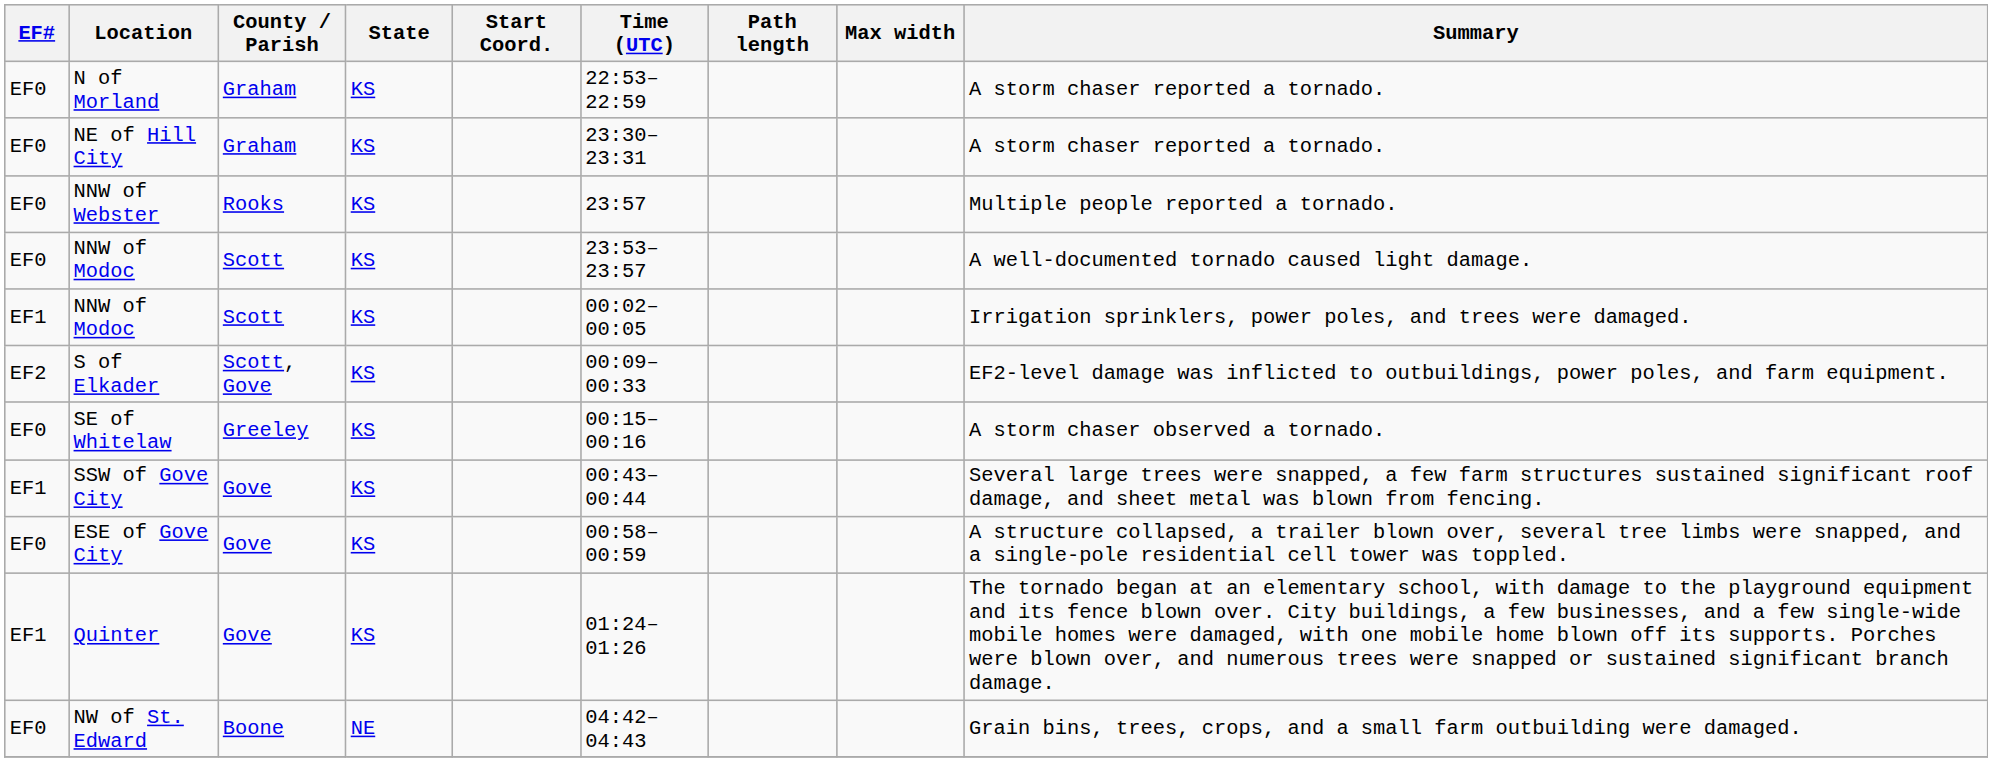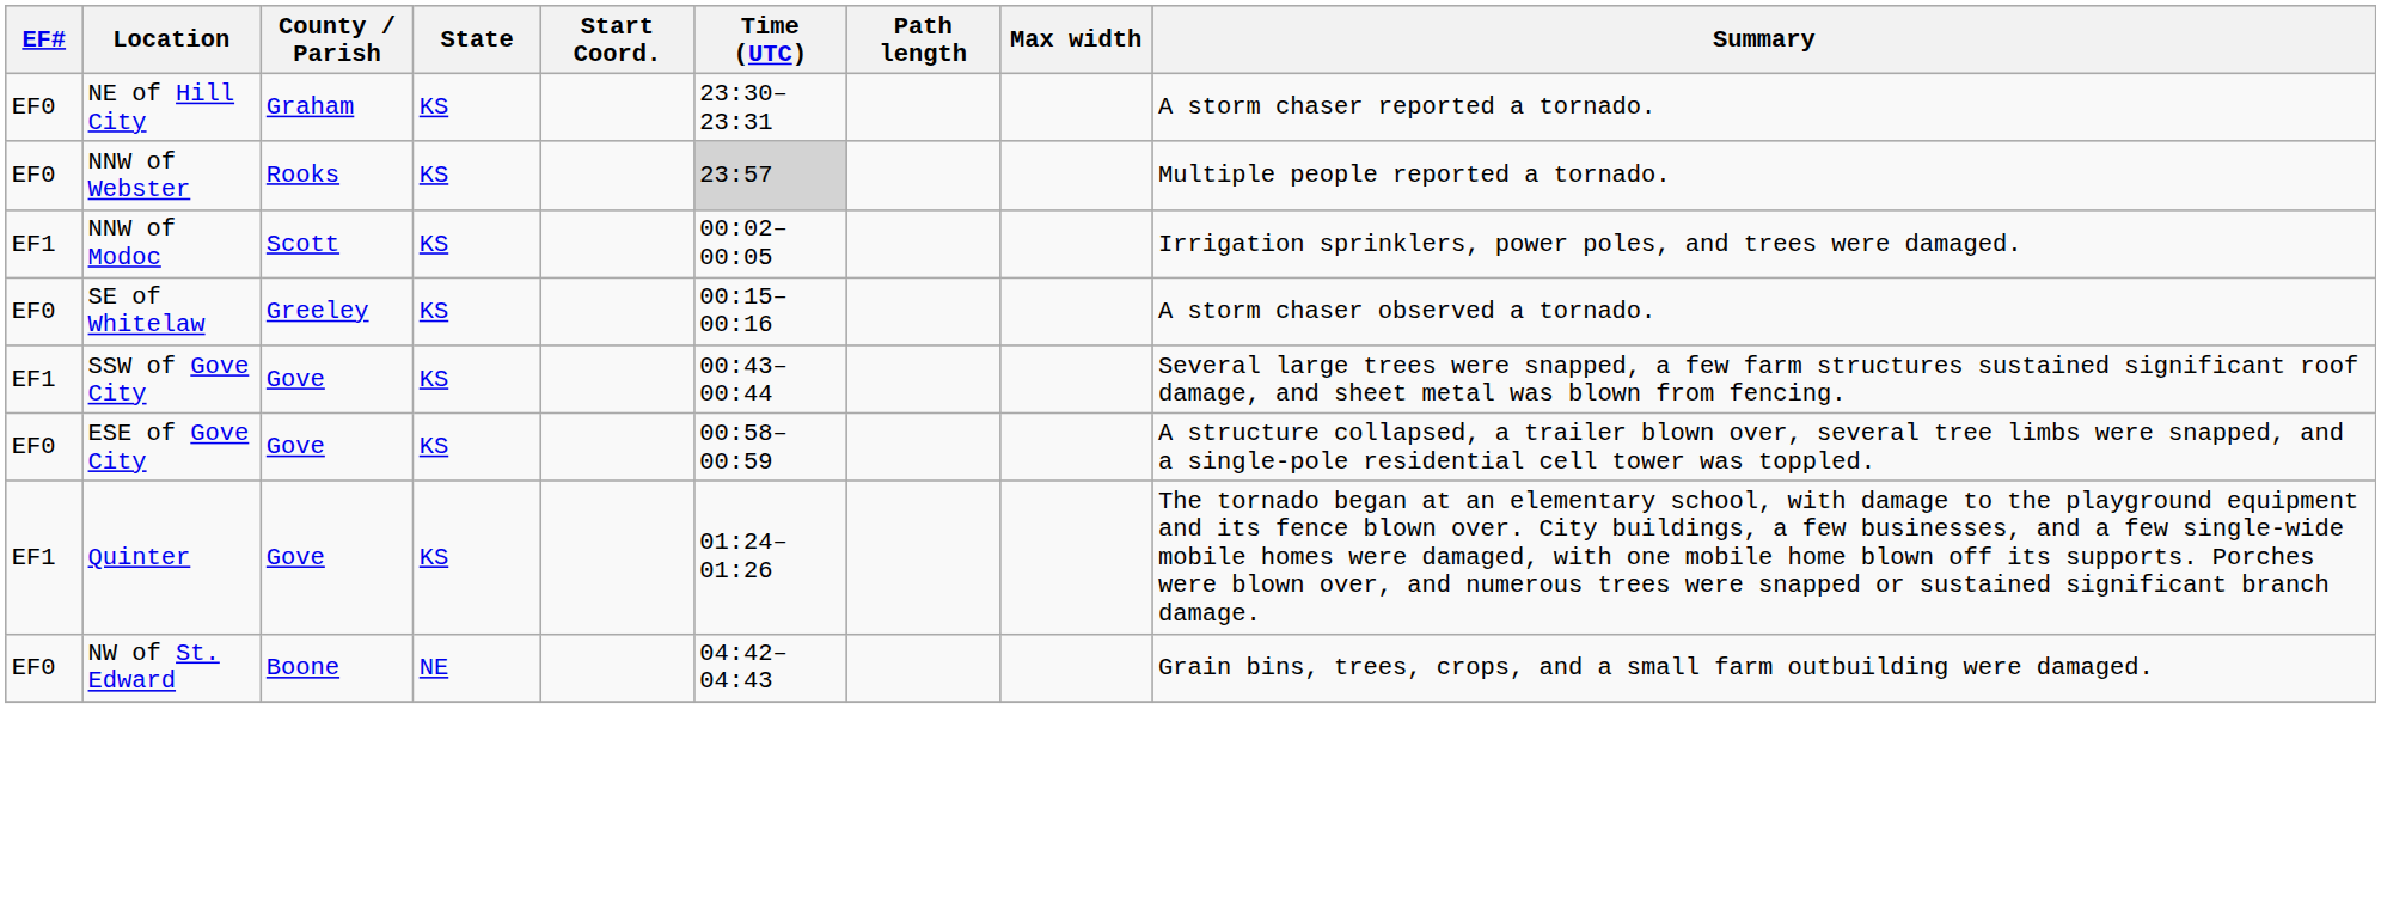 <table class="wikitable sortable" style="width:100%;">
 <tr>
 <th scope="col"  style="width:3%; text-align:center;"><a href='#'>EF#</a></th>
 <th scope="col"  style="width:7%; text-align:center;" class="unsortable">Location</th>
 <th scope="col"  style="width:6%; text-align:center;" class="unsortable">County / Parish</th>
 <th scope="col"  style="width:5%; text-align:center;">State</th>
 <th scope="col"  style="width:6%; text-align:center;">Start Coord.</th>
 <th scope="col"  style="width:6%; text-align:center;">Time (<a href='#'>UTC</a>)</th>
 <th scope="col"  style="width:6%; text-align:center;">Path length</th>
 <th scope="col"  style="width:6%; text-align:center;">Max width</th>
 <th scope="col" class="unsortable" style="width:48%; text-align:center;">Summary</th>
-</tr>
-<tr>
-<td>EF0</td>
-<td>N of <a href='#'>Morland</a></td>
-<td><a href='#'>Graham</a></td>
-<td><a href='#'>KS</a></td>
-<td></td>
-<td>22:53–22:59</td>
-<td></td>
-<td></td>
-<td>A storm chaser reported a tornado.</td>
 </tr>
 <tr>
 <td>EF0</td>
 <td>NE of <a href='#'>Hill City</a></td>
 <td><a href='#'>Graham</a></td>
 <td><a href='#'>KS</a></td>
 <td></td>
 <td>23:30–23:31</td>
 <td></td>
 <td></td>
 <td>A storm chaser reported a tornado.</td>
 </tr>
 <tr>
 <td>EF0</td>
 <td>NNW of <a href='#'>Webster</a></td>
 <td><a href='#'>Rooks</a></td>
 <td><a href='#'>KS</a></td>
 <td></td>
-<td>23:57</td>
+<td style="background: lightgrey;">23:57</td>
 <td></td>
 <td></td>
 <td>Multiple people reported a tornado.</td>
-</tr>
-<tr>
-<td>EF0</td>
-<td>NNW of <a href='#'>Modoc</a></td>
-<td><a href='#'>Scott</a></td>
-<td><a href='#'>KS</a></td>
-<td></td>
-<td>23:53–23:57</td>
-<td></td>
-<td></td>
-<td>A well-documented tornado caused light damage.</td>
 </tr>
 <tr>
 <td>EF1</td>
 <td>NNW of <a href='#'>Modoc</a></td>
 <td><a href='#'>Scott</a></td>
 <td><a href='#'>KS</a></td>
 <td></td>
 <td>00:02–00:05</td>
 <td></td>
 <td></td>
 <td>Irrigation sprinklers, power poles, and trees were damaged.</td>
-</tr>
-<tr>
-<td>EF2</td>
-<td>S of <a href='#'>Elkader</a></td>
-<td><a href='#'>Scott</a>, <a href='#'>Gove</a></td>
-<td><a href='#'>KS</a></td>
-<td></td>
-<td>00:09–00:33</td>
-<td></td>
-<td></td>
-<td>EF2-level damage was inflicted to outbuildings, power poles, and farm equipment.</td>
 </tr>
 <tr>
 <td>EF0</td>
 <td>SE of <a href='#'>Whitelaw</a></td>
 <td><a href='#'>Greeley</a></td>
 <td><a href='#'>KS</a></td>
 <td></td>
 <td>00:15–00:16</td>
 <td></td>
 <td></td>
 <td>A storm chaser observed a tornado.</td>
 </tr>
 <tr>
 <td>EF1</td>
 <td>SSW of <a href='#'>Gove City</a></td>
 <td><a href='#'>Gove</a></td>
 <td><a href='#'>KS</a></td>
 <td></td>
 <td>00:43–00:44</td>
 <td></td>
 <td></td>
 <td>Several large trees were snapped, a few farm structures sustained significant roof damage, and sheet metal was blown from fencing.</td>
 </tr>
 <tr>
 <td>EF0</td>
 <td>ESE of <a href='#'>Gove City</a></td>
 <td><a href='#'>Gove</a></td>
 <td><a href='#'>KS</a></td>
 <td></td>
 <td>00:58–00:59</td>
 <td></td>
 <td></td>
 <td>A structure collapsed, a trailer blown over, several tree limbs were snapped, and a single-pole residential cell tower was toppled.</td>
 </tr>
 <tr>
 <td>EF1</td>
 <td><a href='#'>Quinter</a></td>
 <td><a href='#'>Gove</a></td>
 <td><a href='#'>KS</a></td>
 <td></td>
 <td>01:24–01:26</td>
 <td></td>
 <td></td>
 <td>The tornado began at an elementary school, with damage to the playground equipment and its fence blown over. City buildings, a few businesses, and a few single-wide mobile homes were damaged, with one mobile home blown off its supports. Porches were blown over, and numerous trees were snapped or sustained significant branch damage.</td>
 </tr>
 <tr>
 <td>EF0</td>
 <td>NW of <a href='#'>St. Edward</a></td>
 <td><a href='#'>Boone</a></td>
 <td><a href='#'>NE</a></td>
 <td></td>
 <td>04:42–04:43</td>
 <td></td>
 <td></td>
 <td>Grain bins, trees, crops, and a small farm outbuilding were damaged.</td>
 </tr>
 <tr>
 </tr>
 </table>
